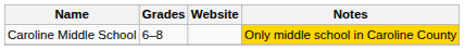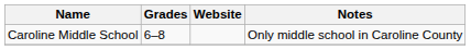 <table class="wikitable">
 <tr>
 <th>Name</th>
 <th>Grades</th>
 <th>Website</th>
 <th>Notes</th>
 </tr>
 <tr>
 <td>Caroline Middle School</td>
 <td>6–8</td>
 <td></td>
-<td style="background: gold;">Only middle school in Caroline County</td>
+<td>Only middle school in Caroline County</td>
 </tr>
 <tr>
 </tr>
 </table>
